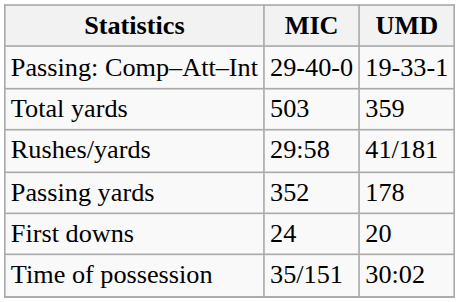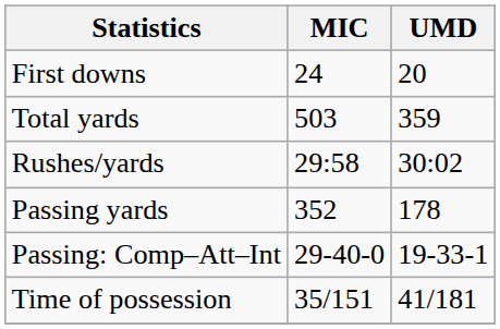 <table class="wikitable" style="float: left;">
 <tr>
 <th>Statistics</th>
 <th>MIC</th>
 <th>UMD</th>
 </tr>
 <tr>
-<td>Passing: Comp–Att–Int</td>
-<td>29-40-0</td>
-<td>19-33-1</td>
+<td>First downs</td>
+<td>24</td>
+<td>20</td>
 </tr>
 <tr>
 <td>Total yards</td>
 <td>503</td>
 <td>359</td>
 </tr>
 <tr>
 <td>Rushes/yards</td>
 <td>29:58</td>
-<td>41/181</td>
+<td>30:02</td>
 </tr>
 <tr>
 <td>Passing yards</td>
 <td>352</td>
 <td>178</td>
 </tr>
 <tr>
-<td>First downs</td>
-<td>24</td>
-<td>20</td>
+<td>Passing: Comp–Att–Int</td>
+<td>29-40-0</td>
+<td>19-33-1</td>
 </tr>
 <tr>
 <td>Time of possession</td>
 <td>35/151</td>
-<td>30:02</td>
+<td>41/181</td>
 </tr>
 <tr>
 </tr>
 </table>
